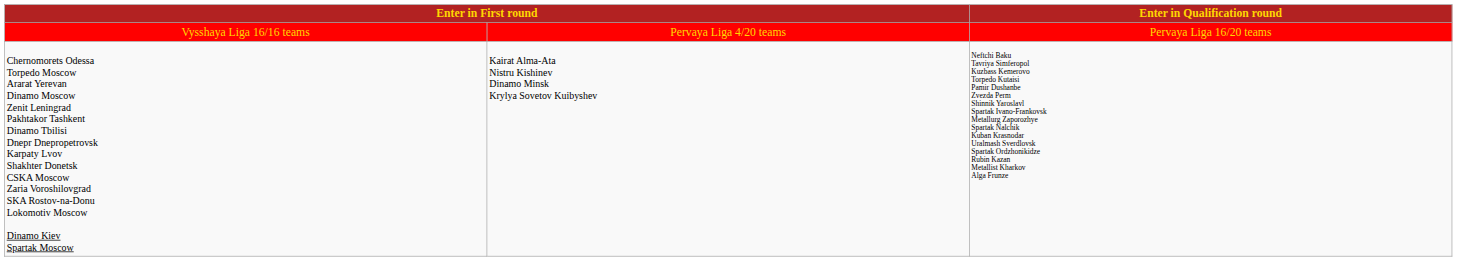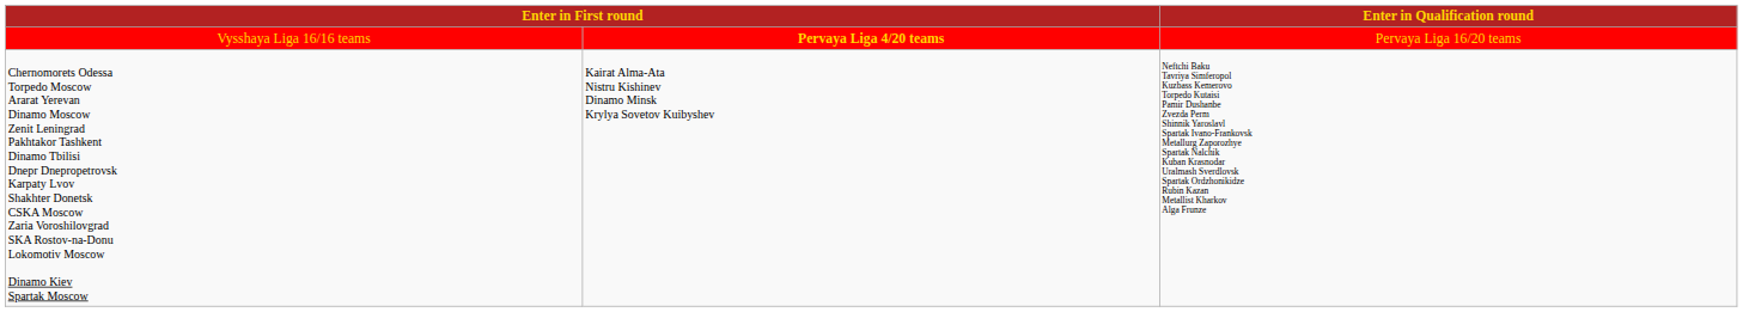 <table class="wikitable" style="width:100%;">
 <tr style="background:Firebrick; text-align:center;">
 <td style="width:67%; color:Gold" colspan="2"><strong>Enter in First round</strong></td>
 <td style="width:33%; color:Gold" colspan="1"><strong>Enter in Qualification round</strong></td>
 </tr>
 <tr style="background:Red;">
 <td style="text-align:center; width:33%; color:Gold" colspan=1>Vysshaya Liga 16/16 teams</td>
-<td style="text-align:center; width:33%; color:Gold" colspan=1>Pervaya Liga 4/20 teams</td>
+<td style="text-align:center; width:33%; color:Gold" colspan=1><strong>Pervaya Liga 4/20 teams</strong></td>
 <td style="text-align:center; width:33%; color:Gold" colspan=1>Pervaya Liga 16/20 teams</td>
 </tr>
 <tr style="vertical-align:top; font-size:85%;">
 <td><br> Chernomorets Odessa<br>  Torpedo Moscow<br>  Ararat Yerevan<br>  Dinamo Moscow<br>  Zenit Leningrad<br>  Pakhtakor Tashkent<br>  Dinamo Tbilisi<br>  Dnepr Dnepropetrovsk<br>  Karpaty Lvov<br>  Shakhter Donetsk<br>  CSKA Moscow<br>  Zaria Voroshilovgrad<br>  SKA Rostov-na-Donu<br>  Lokomotiv Moscow<br><br> <u>Dinamo Kiev</u><br>  <u>Spartak Moscow</u><br></td>
 <td><br> Kairat Alma-Ata<br>  Nistru Kishinev<br>  Dinamo Minsk<br>  Krylya Sovetov Kuibyshev<br></td>
 <td style="font-size:75%;"><br> Neftchi Baku<br>  Tavriya Simferopol<br>  Kuzbass Kemerovo<br>  Torpedo Kutaisi<br>  Pamir Dushanbe<br>  Zvezda Perm<br>  Shinnik Yaroslavl<br>  Spartak Ivano-Frankovsk<br>  Metallurg Zaporozhye<br>  Spartak Nalchik<br>  Kuban Krasnodar<br>  Uralmash Sverdlovsk<br>  Spartak Ordzhonikidze<br>  Rubin Kazan<br>  Metallist Kharkov<br>  Alga Frunze<br></td>
 </tr>
 </table>
